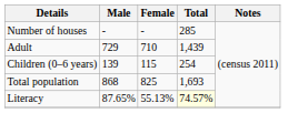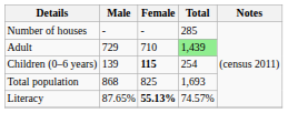 <table class="wikitable sortable">
 <tr>
 <th>Details</th>
 <th>Male</th>
 <th>Female</th>
 <th>Total</th>
 <th>Notes</th>
 </tr>
 <tr>
 <td>Number of houses</td>
 <td>-</td>
 <td>-</td>
 <td>285</td>
 <td rowspan="5">(census 2011) </td>
 </tr>
 <tr>
 <td>Adult</td>
 <td>729</td>
 <td>710</td>
-<td>1,439</td>
+<td style="background: lightgreen;">1,439</td>
 </tr>
 <tr>
 <td>Children (0–6 years)</td>
 <td>139</td>
-<td>115</td>
+<td><strong>115</strong></td>
 <td>254</td>
 </tr>
 <tr>
 <td>Total population</td>
 <td>868</td>
 <td>825</td>
 <td>1,693</td>
 </tr>
 <tr>
 <td>Literacy</td>
 <td>87.65%</td>
-<td>55.13%</td>
-<td style="background: lightyellow;">74.57%</td>
+<td><strong>55.13%</strong></td>
+<td>74.57%</td>
 </tr>
 <tr>
 </tr>
 </table>
